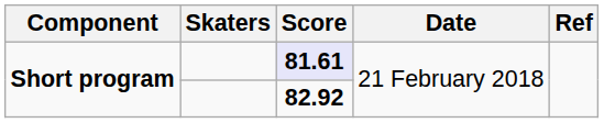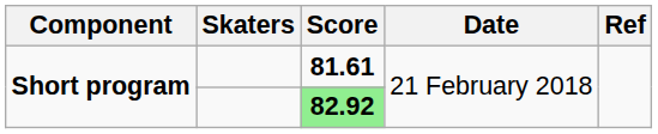 <table class=wikitable>
 <tr>
 <th>Component</th>
 <th>Skaters</th>
 <th>Score</th>
 <th>Date</th>
 <th>Ref</th>
 </tr>
 <tr>
 <td rowspan=2><strong>Short program</strong></td>
 <td></td>
-<td align=center style="background: lavender;"><strong>81.61</strong></td>
+<td align=center><strong>81.61</strong></td>
 <td rowspan=2>21 February 2018</td>
 <td rowspan=2></td>
 </tr>
 <tr>
 <td></td>
-<td align=center><strong>82.92</strong></td>
+<td align=center style="background: lightgreen;"><strong>82.92</strong></td>
 </tr>
 </table>
